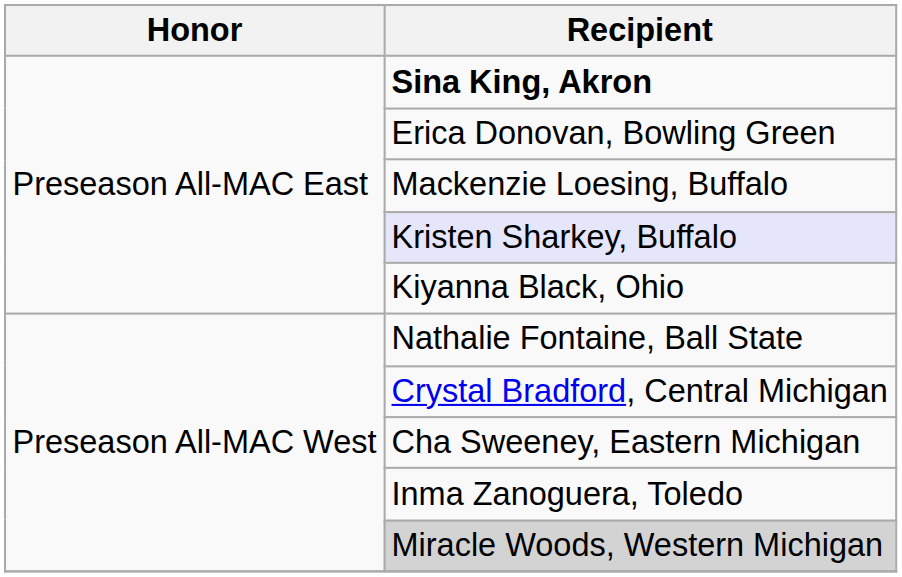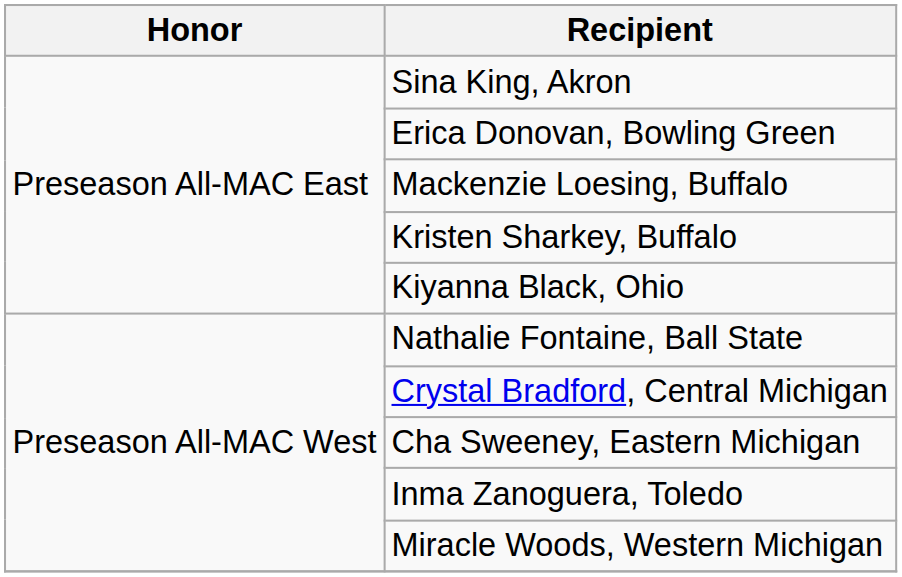 <table class="wikitable" border="1">
 <tr>
 <th>Honor</th>
 <th>Recipient</th>
 </tr>
 <tr>
 <td rowspan=5 valign=middle>Preseason All-MAC East</td>
-<td><strong>Sina King, Akron</strong></td>
+<td>Sina King, Akron</td>
 </tr>
 <tr>
 <td>Erica Donovan, Bowling Green</td>
 </tr>
 <tr>
 <td>Mackenzie Loesing, Buffalo</td>
 </tr>
 <tr>
-<td style="background: lavender;">Kristen Sharkey, Buffalo</td>
+<td>Kristen Sharkey, Buffalo</td>
 </tr>
 <tr>
 <td>Kiyanna Black, Ohio</td>
 </tr>
 <tr>
 <td rowspan=5 valign=middle>Preseason All-MAC West</td>
 <td>Nathalie Fontaine, Ball State</td>
 </tr>
 <tr>
 <td><a href='#'>Crystal Bradford</a>, Central Michigan</td>
 </tr>
 <tr>
 <td>Cha Sweeney, Eastern Michigan</td>
 </tr>
 <tr>
 <td>Inma Zanoguera, Toledo</td>
 </tr>
 <tr>
-<td style="background: lightgrey;">Miracle Woods, Western Michigan</td>
+<td>Miracle Woods, Western Michigan</td>
 </tr>
 <tr>
 </tr>
 </table>
